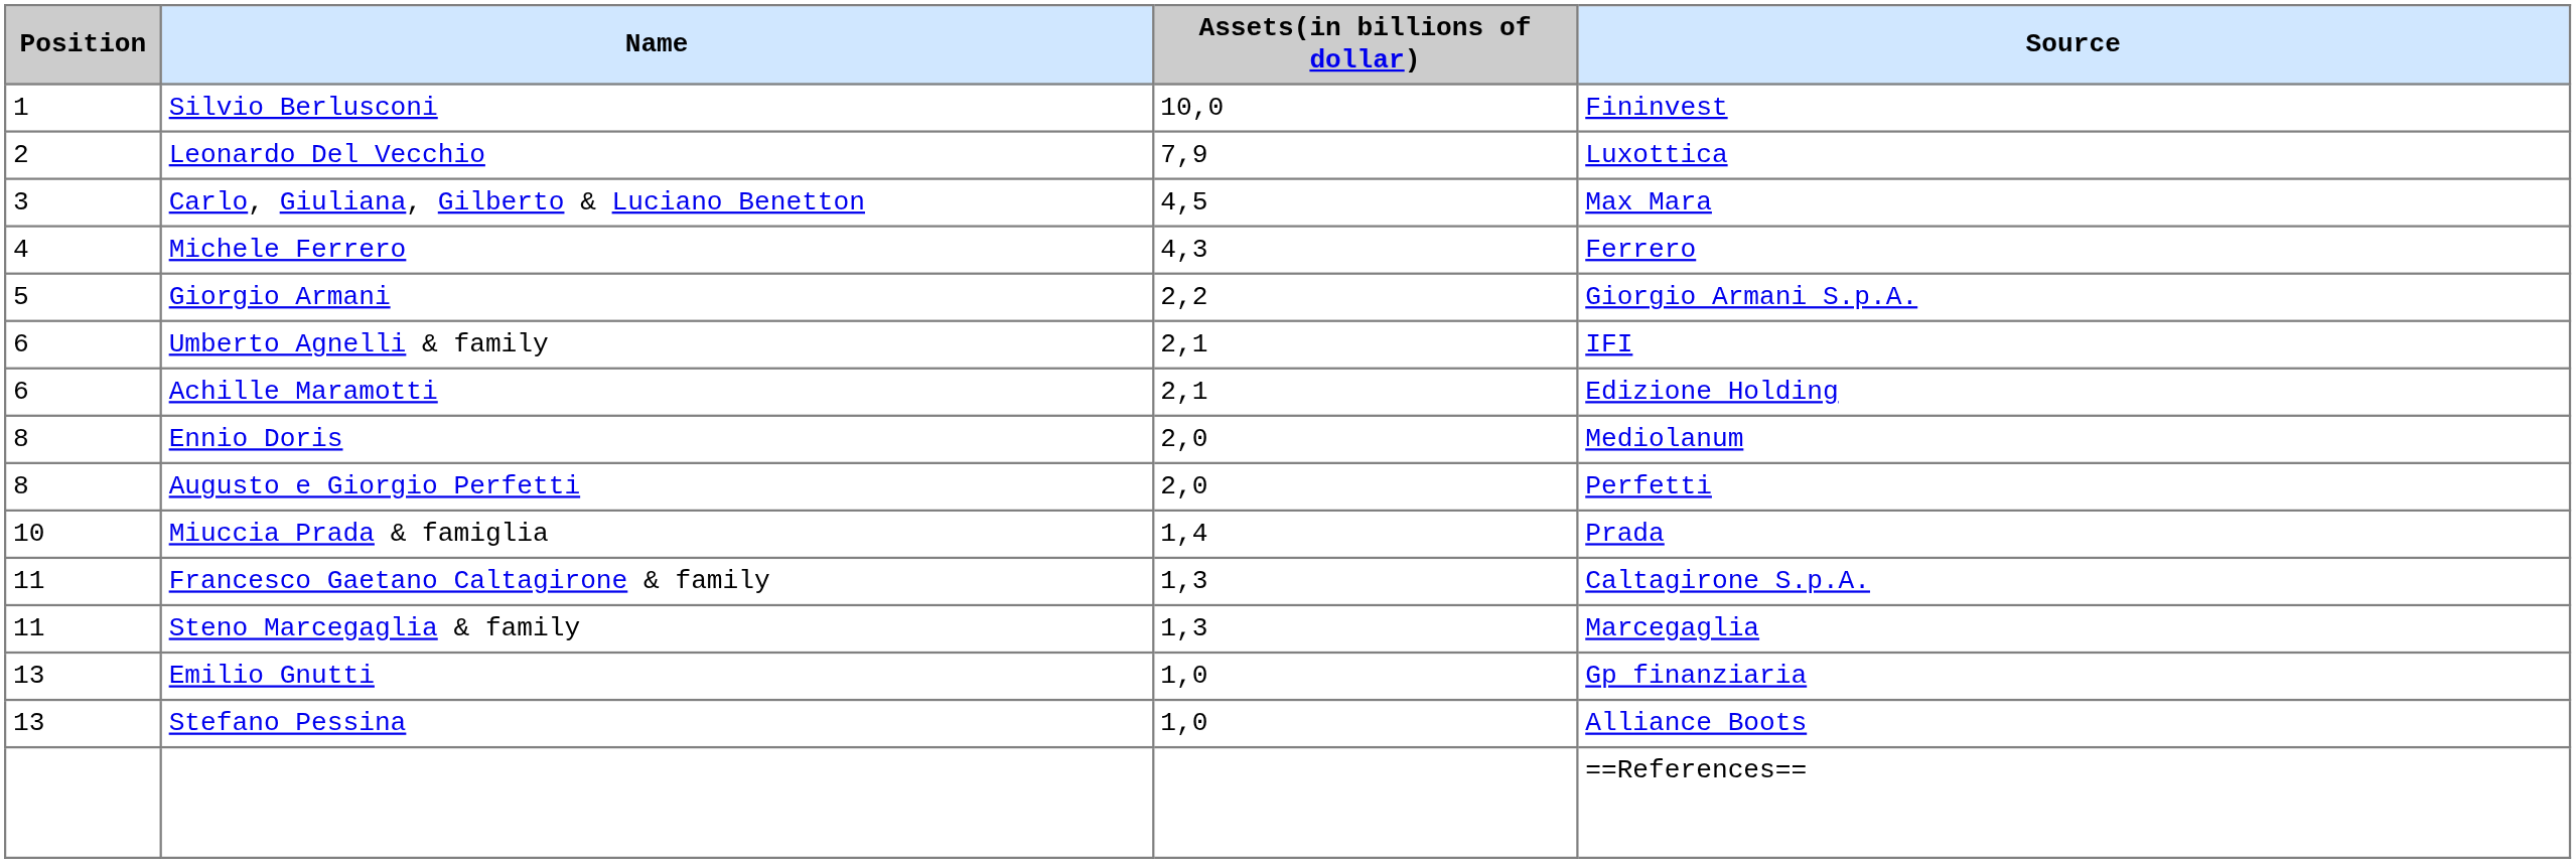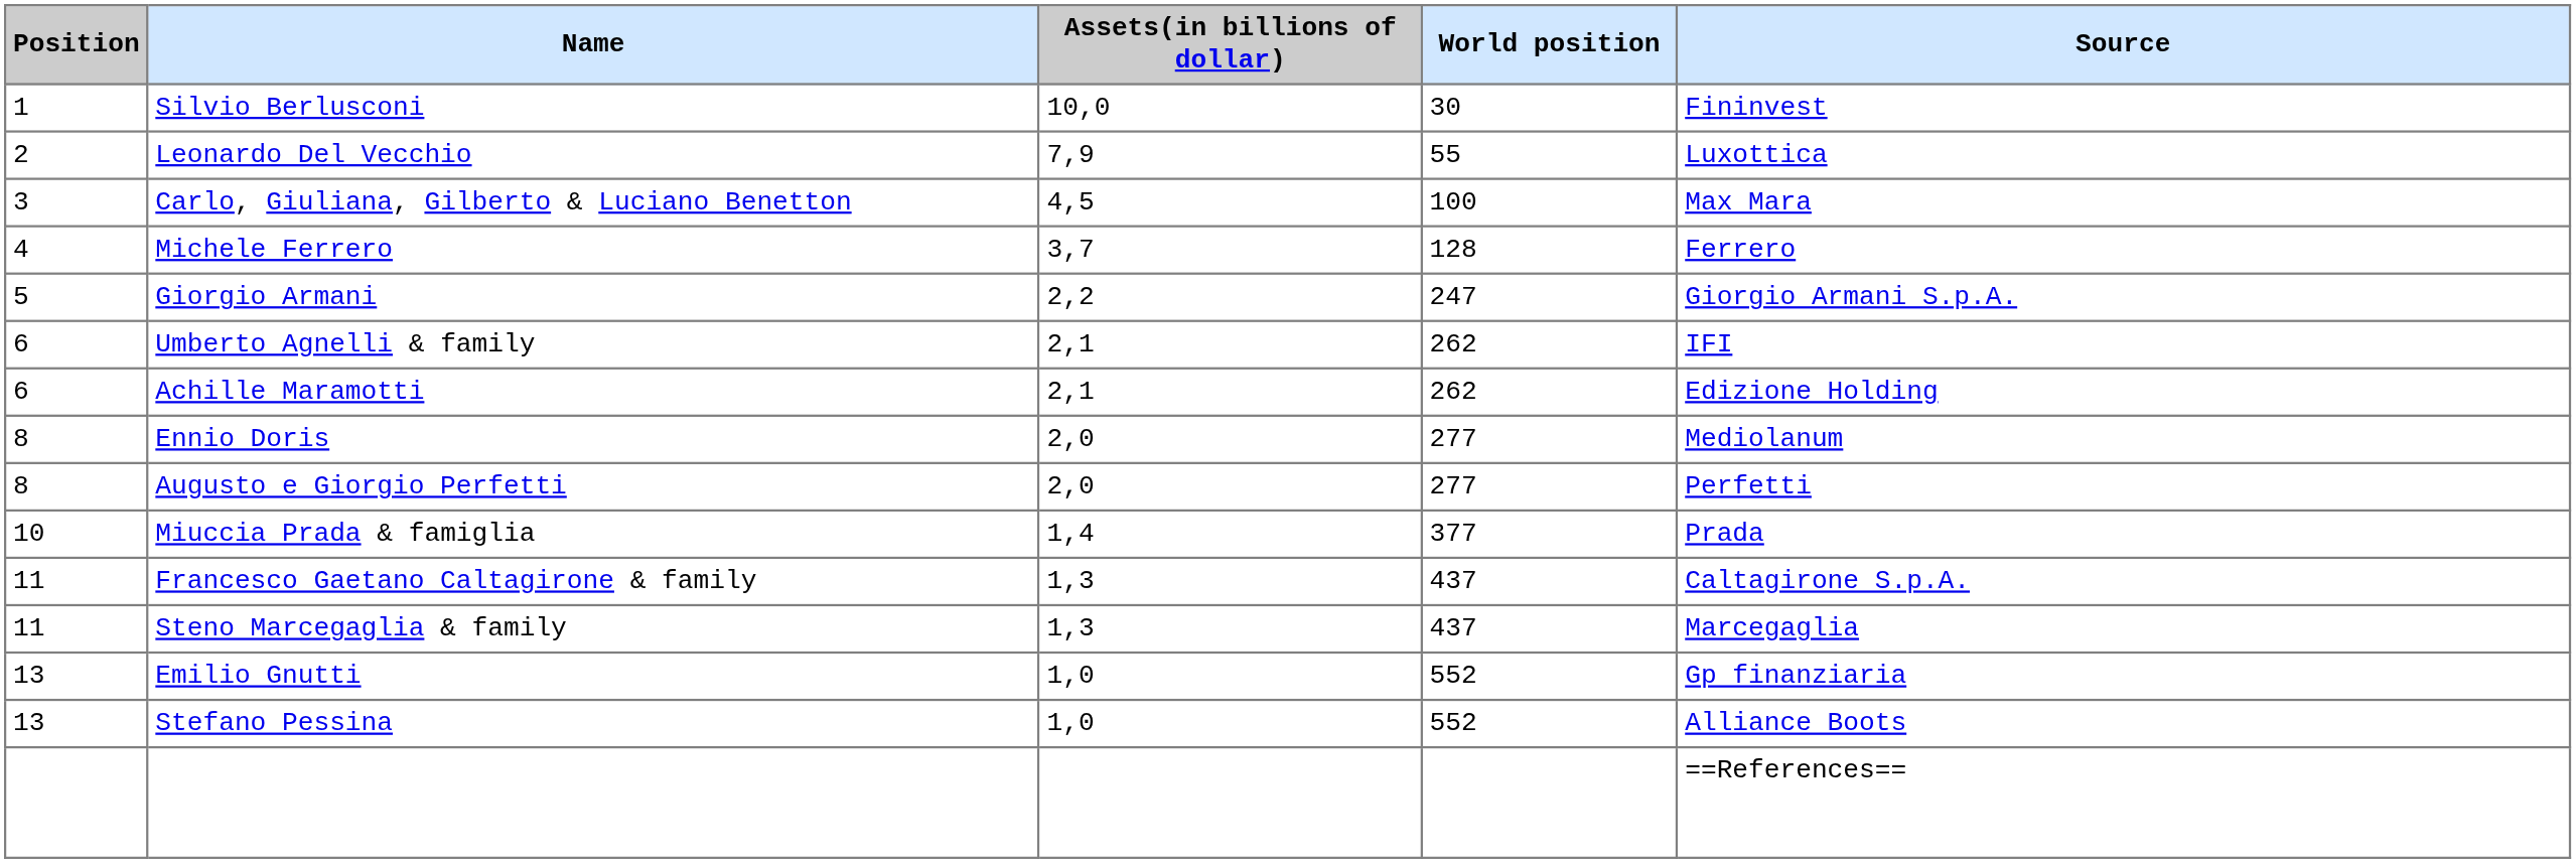 <table border=1 style="border-collapse:collapse; font-size:90%;" cellpadding=3 cellspacing=0 width=90%>
 <tr>
 <td align="center" bgcolor="#CCCCCC" width="5%"><strong>Position</strong></td>
 <td bgcolor="#D0E7FF" align="center" width="35%"><strong>Name</strong></td>
 <td bgcolor="#cccccc" align="center" width="15%"><strong>Assets(in billions of <a href='#'>dollar</a>)</strong></td>
+<td bgcolor="#D0E7FF" align="center" width="10%"><strong>World position</strong></td>
 <td bgcolor="#D0E7FF" align="center" width="35%"><strong>Source</strong></td>
 </tr>
 <tr>
 <td>1</td>
 <td><a href='#'>Silvio Berlusconi</a></td>
 <td>10,0</td>
+<td>30</td>
 <td><a href='#'>Fininvest</a></td>
 </tr>
 <tr>
 <td>2</td>
 <td><a href='#'>Leonardo Del Vecchio</a></td>
 <td>7,9</td>
+<td>55</td>
 <td><a href='#'>Luxottica</a></td>
 </tr>
 <tr>
 <td>3</td>
 <td><a href='#'>Carlo</a>, <a href='#'>Giuliana</a>, <a href='#'>Gilberto</a> & <a href='#'>Luciano Benetton</a></td>
 <td>4,5</td>
+<td>100</td>
 <td><a href='#'>Max Mara</a></td>
 </tr>
 <tr>
 <td>4</td>
 <td><a href='#'>Michele Ferrero</a></td>
-<td>4,3</td>
+<td>3,7</td>
+<td>128</td>
 <td><a href='#'>Ferrero</a></td>
 </tr>
 <tr>
 <td>5</td>
 <td><a href='#'>Giorgio Armani</a></td>
 <td>2,2</td>
+<td>247</td>
 <td><a href='#'>Giorgio Armani S.p.A.</a></td>
 </tr>
 <tr>
 <td>6</td>
 <td><a href='#'>Umberto Agnelli</a> & family</td>
 <td>2,1</td>
+<td>262</td>
 <td><a href='#'>IFI</a></td>
 </tr>
 <tr>
 <td>6</td>
 <td><a href='#'>Achille Maramotti</a></td>
 <td>2,1</td>
+<td>262</td>
 <td><a href='#'>Edizione Holding</a></td>
 </tr>
 <tr>
 <td>8</td>
 <td><a href='#'>Ennio Doris</a></td>
 <td>2,0</td>
+<td>277</td>
 <td><a href='#'>Mediolanum</a></td>
 </tr>
 <tr>
 <td>8</td>
 <td><a href='#'>Augusto e Giorgio Perfetti</a></td>
 <td>2,0</td>
+<td>277</td>
 <td><a href='#'>Perfetti</a></td>
 </tr>
 <tr>
 <td>10</td>
 <td><a href='#'>Miuccia Prada</a> & famiglia</td>
 <td>1,4</td>
+<td>377</td>
 <td><a href='#'>Prada</a></td>
 </tr>
 <tr>
 <td>11</td>
 <td><a href='#'>Francesco Gaetano Caltagirone</a> & family</td>
 <td>1,3</td>
+<td>437</td>
 <td><a href='#'>Caltagirone S.p.A.</a></td>
 </tr>
 <tr>
 <td>11</td>
 <td><a href='#'>Steno Marcegaglia</a> & family</td>
 <td>1,3</td>
+<td>437</td>
 <td><a href='#'>Marcegaglia</a></td>
 </tr>
 <tr>
 <td>13</td>
 <td><a href='#'>Emilio Gnutti</a></td>
 <td>1,0</td>
+<td>552</td>
 <td><a href='#'>Gp finanziaria</a></td>
 </tr>
 <tr>
 <td>13</td>
 <td><a href='#'>Stefano Pessina</a></td>
 <td>1,0</td>
+<td>552</td>
 <td><a href='#'>Alliance Boots</a></td>
 </tr>
 <tr>
 <td></td>
 <td></td>
 <td></td>
+<td></td>
 <td>==References==<br><br><br>    </td>
 </tr>
 </table>
